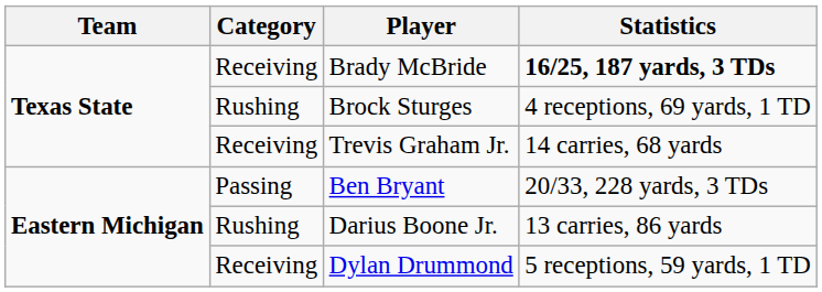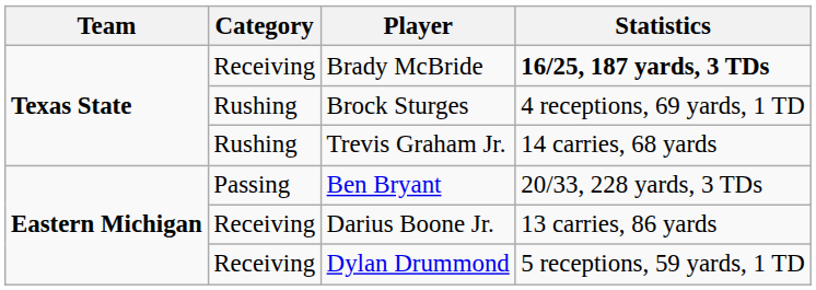 <table class="wikitable" style="float: left;">
 <tr>
 <th>Team</th>
 <th>Category</th>
 <th>Player</th>
 <th>Statistics</th>
 </tr>
 <tr>
 <td rowspan=3><strong>Texas State</strong></td>
 <td>Receiving</td>
 <td>Brady McBride</td>
 <td><strong>16/25, 187 yards, 3 TDs</strong></td>
 </tr>
 <tr>
 <td>Rushing</td>
 <td>Brock Sturges</td>
 <td>4 receptions, 69 yards, 1 TD</td>
 </tr>
 <tr>
-<td>Receiving</td>
+<td>Rushing</td>
 <td>Trevis Graham Jr.</td>
 <td>14 carries, 68 yards</td>
 </tr>
 <tr>
 <td rowspan=3><strong>Eastern Michigan</strong></td>
 <td>Passing</td>
 <td><a href='#'>Ben Bryant</a></td>
 <td>20/33, 228 yards, 3 TDs</td>
 </tr>
 <tr>
-<td>Rushing</td>
+<td>Receiving</td>
 <td>Darius Boone Jr.</td>
 <td>13 carries, 86 yards</td>
 </tr>
 <tr>
 <td>Receiving</td>
 <td><a href='#'>Dylan Drummond</a></td>
 <td>5 receptions, 59 yards, 1 TD</td>
 </tr>
 </table>
